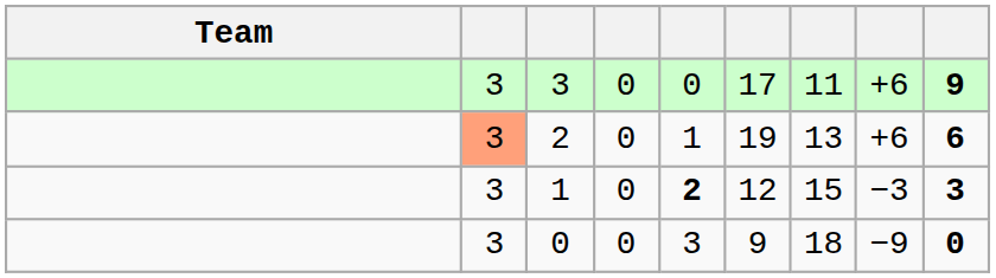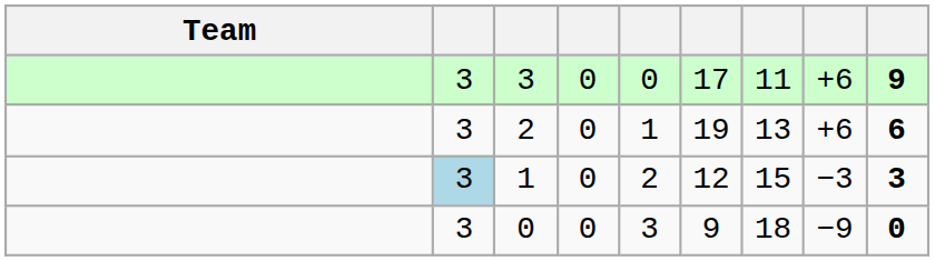 <table class="wikitable" style="text-align: center;">
 <tr>
 <th width="175">Team</th>
 <th width="20"></th>
 <th width="20"></th>
 <th width="20"></th>
 <th width="20"></th>
 <th width="20"></th>
 <th width="20"></th>
 <th width="20"></th>
 <th width="20"></th>
 </tr>
 <tr style="background-color: #ccffcc;">
 <td align=left></td>
 <td>3</td>
 <td>3</td>
 <td>0</td>
 <td>0</td>
 <td>17</td>
 <td>11</td>
 <td>+6</td>
 <td><strong>9</strong></td>
 </tr>
 <tr>
 <td align=left></td>
-<td style="background: lightsalmon;">3</td>
+<td>3</td>
 <td>2</td>
 <td>0</td>
 <td>1</td>
 <td>19</td>
 <td>13</td>
 <td>+6</td>
 <td><strong>6</strong></td>
 </tr>
 <tr>
 <td align=left></td>
-<td>3</td>
+<td style="background: lightblue;">3</td>
 <td>1</td>
 <td>0</td>
-<td><strong>2</strong></td>
+<td>2</td>
 <td>12</td>
 <td>15</td>
 <td>−3</td>
 <td><strong>3</strong></td>
 </tr>
 <tr>
 <td align=left></td>
 <td>3</td>
 <td>0</td>
 <td>0</td>
 <td>3</td>
 <td>9</td>
 <td>18</td>
 <td>−9</td>
 <td><strong>0</strong></td>
 </tr>
 </table>
